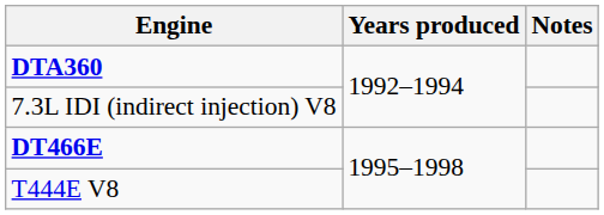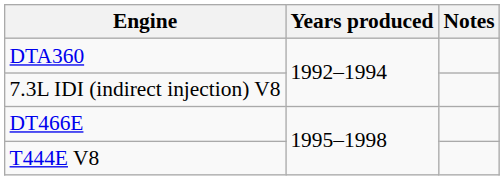 <table class="wikitable">
 <tr>
 <th>Engine</th>
 <th>Years produced</th>
 <th>Notes</th>
 </tr>
 <tr>
-<td><strong><a href='#'>DTA360</a></strong></td>
+<td><a href='#'>DTA360</a></td>
 <td rowspan="2">1992–1994</td>
 <td></td>
 </tr>
 <tr>
 <td>7.3L IDI (indirect injection) V8</td>
 <td></td>
 </tr>
 <tr>
-<td><strong><a href='#'>DT466E</a></strong></td>
+<td><a href='#'>DT466E</a></td>
 <td rowspan="2">1995–1998</td>
 <td></td>
 </tr>
 <tr>
 <td><a href='#'>T444E</a> V8</td>
 <td></td>
 </tr>
 </table>
